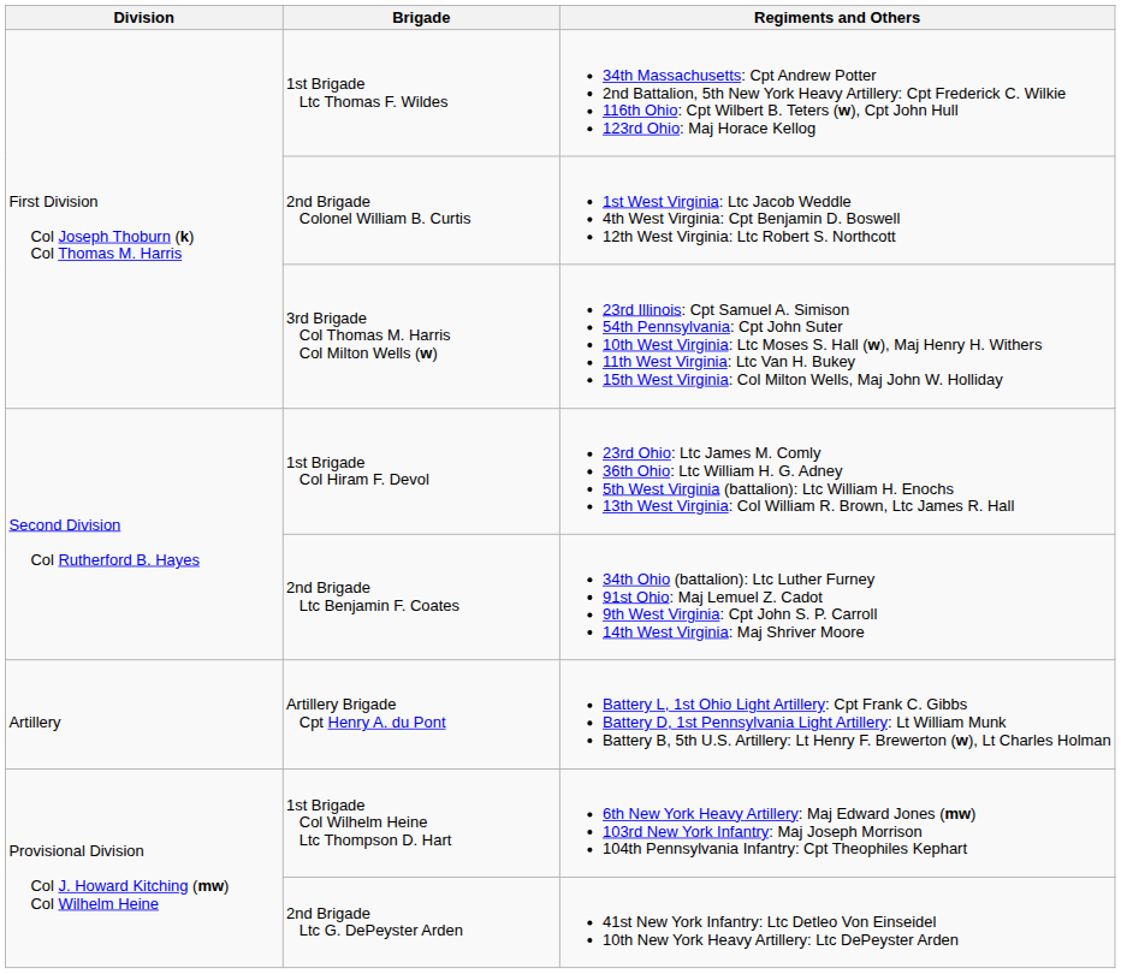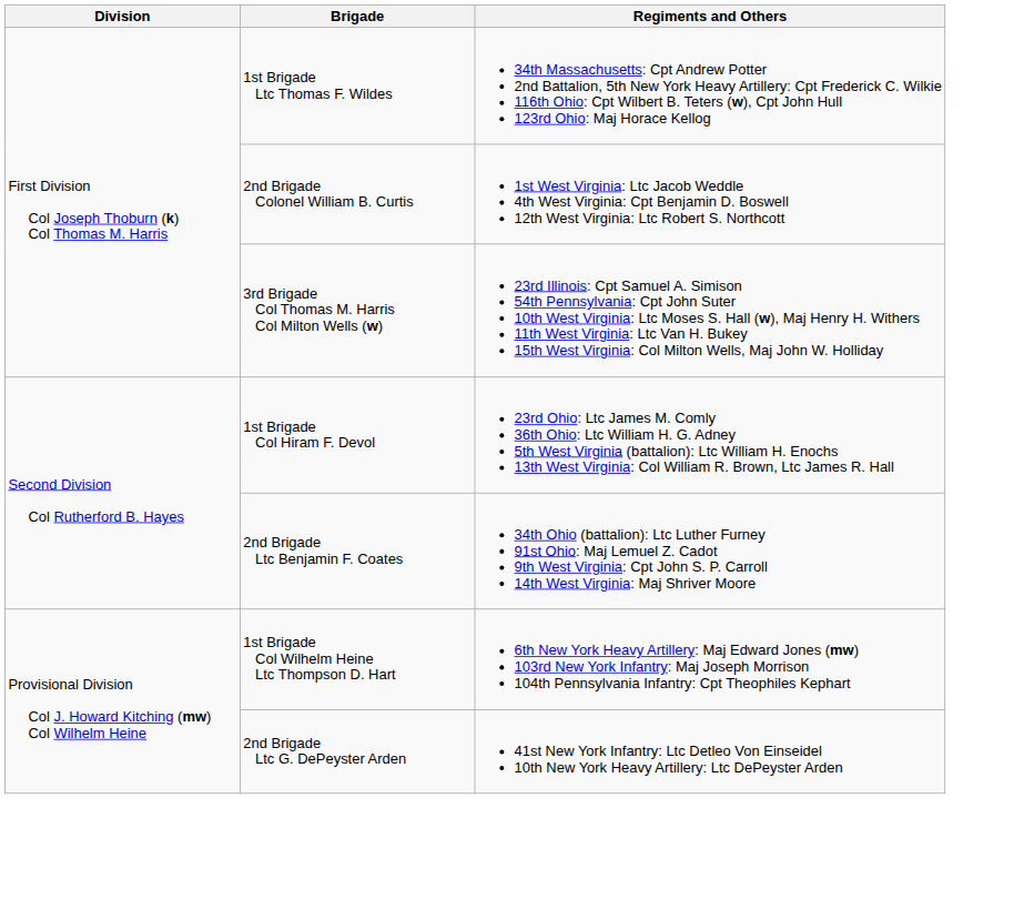 <table class="wikitable">
 <tr>
 <th width=25%>Division</th>
 <th width=25%>Brigade</th>
 <th>Regiments and Others</th>
 </tr>
 <tr>
 <td rowspan=3><br>First Division<br><br>     Col <a href='#'>Joseph Thoburn</a> (<strong>k</strong>) <br>     Col <a href='#'>Thomas M. Harris</a></td>
 <td>1st Brigade<br>   Ltc Thomas F. Wildes</td>
 <td><br><ul><li><a href='#'>34th Massachusetts</a>: Cpt Andrew Potter</li><li>2nd Battalion, 5th New York Heavy Artillery: Cpt Frederick C. Wilkie</li><li><a href='#'>116th Ohio</a>: Cpt Wilbert B. Teters (<strong>w</strong>), Cpt John Hull</li><li><a href='#'>123rd Ohio</a>: Maj Horace Kellog</li></ul></td>
 </tr>
 <tr>
 <td>2nd Brigade<br>   Colonel William B. Curtis</td>
 <td><br><ul><li><a href='#'>1st West Virginia</a>: Ltc Jacob Weddle</li><li>4th West Virginia: Cpt Benjamin D. Boswell</li><li>12th West Virginia: Ltc Robert S. Northcott</li></ul></td>
 </tr>
 <tr>
 <td>3rd Brigade<br>   Col Thomas M. Harris<br>    Col Milton Wells (<strong>w</strong>)</td>
 <td><br><ul><li><a href='#'>23rd Illinois</a>: Cpt Samuel A. Simison</li><li><a href='#'>54th Pennsylvania</a>: Cpt John Suter</li><li><a href='#'>10th West Virginia</a>: Ltc Moses S. Hall (<strong>w</strong>), Maj Henry H. Withers</li><li><a href='#'>11th West Virginia</a>: Ltc Van H. Bukey</li><li><a href='#'>15th West Virginia</a>: Col Milton Wells, Maj John W. Holliday</li></ul></td>
 </tr>
 <tr>
 <td rowspan=2><br><a href='#'>Second Division</a><br><br>     Col <a href='#'>Rutherford B. Hayes</a></td>
 <td>1st Brigade<br>   Col Hiram F. Devol</td>
 <td><br><ul><li><a href='#'>23rd Ohio</a>: Ltc James M. Comly</li><li><a href='#'>36th Ohio</a>: Ltc William H. G. Adney</li><li><a href='#'>5th West Virginia</a> (battalion): Ltc William H. Enochs</li><li><a href='#'>13th West Virginia</a>: Col William R. Brown, Ltc James R. Hall</li></ul></td>
 </tr>
 <tr>
 <td>2nd Brigade<br>   Ltc Benjamin F. Coates</td>
 <td><br><ul><li><a href='#'>34th Ohio</a> (battalion): Ltc Luther Furney</li><li><a href='#'>91st Ohio</a>: Maj Lemuel Z. Cadot</li><li><a href='#'>9th West Virginia</a>: Cpt John S. P. Carroll</li><li><a href='#'>14th West Virginia</a>: Maj Shriver Moore</li></ul></td>
 </tr>
 <tr>
-<td rowspan=1><br>Artillery</td>
-<td>Artillery Brigade<br>   Cpt <a href='#'>Henry A. du Pont</a></td>
-<td><br><ul><li><a href='#'>Battery L, 1st Ohio Light Artillery</a>: Cpt Frank C. Gibbs</li><li><a href='#'>Battery D, 1st Pennsylvania Light Artillery</a>: Lt William Munk</li><li>Battery B, 5th U.S. Artillery: Lt Henry F. Brewerton (<strong>w</strong>), Lt Charles Holman</li></ul></td>
-</tr>
-<tr>
 <td rowspan=2><br>Provisional Division<br><br>     Col <a href='#'>J. Howard Kitching</a> (<strong>mw</strong>)<br>     Col <a href='#'>Wilhelm Heine</a></td>
 <td>1st Brigade<br>   Col Wilhelm Heine<br>   Ltc Thompson D. Hart</td>
 <td><br><ul><li><a href='#'>6th New York Heavy Artillery</a>: Maj Edward Jones (<strong>mw</strong>)</li><li><a href='#'>103rd New York Infantry</a>: Maj Joseph Morrison</li><li>104th Pennsylvania Infantry: Cpt Theophiles Kephart</li></ul></td>
 </tr>
 <tr>
 <td>2nd Brigade<br>   Ltc G. DePeyster Arden</td>
 <td><br><ul><li>41st New York Infantry: Ltc Detleo Von Einseidel</li><li>10th New York Heavy Artillery: Ltc DePeyster Arden</li></ul></td>
 </tr>
 </table>
